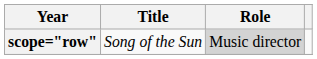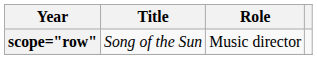 <table class="wikitable sortable plainrowheaders">
 <tr>
 <th scope="col">Year</th>
 <th scope="col">Title</th>
 <th scope="col">Role</th>
 <th scope="col" class="unsortable"></th>
 </tr>
 <tr>
 <th>scope="row" </th>
 <td><em>Song of the Sun</em></td>
-<td style="background: lightgrey;">Music director</td>
+<td>Music director</td>
 <td align="center"></td>
 </tr>
 <tr>
 </tr>
 </table>
